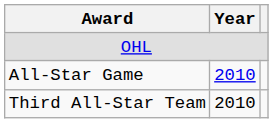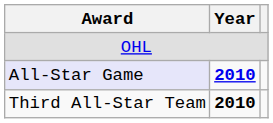 <table class="wikitable">
 <tr>
 <th>Award</th>
 <th>Year</th>
 <th></th>
 </tr>
 <tr ALIGN="center" bgcolor="#e0e0e0">
 <td colspan="3"><a href='#'>OHL</a></td>
 </tr>
 <tr>
-<td>All-Star Game</td>
-<td><a href='#'>2010</a></td>
+<td style="background: lavender;">All-Star Game</td>
+<td><strong><a href='#'>2010</a></strong></td>
 <td></td>
 </tr>
 <tr>
 <td>Third All-Star Team</td>
-<td>2010</td>
+<td><strong>2010</strong></td>
 <td></td>
 </tr>
 </table>
